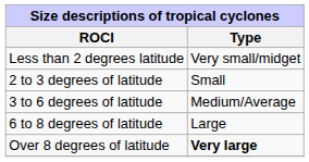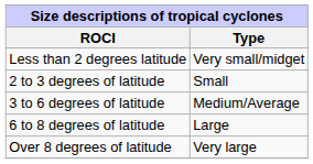 <table class="wikitable" style="float: right; font-size: 92%; margin-right: 0px;">
 <tr>
 <th colspan=2 style="background: #ccf;">Size descriptions of tropical cyclones</th>
 </tr>
 <tr>
 <th>ROCI</th>
 <th>Type</th>
 </tr>
 <tr>
 <td>Less than 2 degrees latitude</td>
 <td>Very small/midget</td>
 </tr>
 <tr>
 <td>2 to 3 degrees of latitude</td>
 <td>Small</td>
 </tr>
 <tr>
 <td>3 to 6 degrees of latitude</td>
 <td>Medium/Average</td>
 </tr>
 <tr>
 <td>6 to 8 degrees of latitude</td>
 <td>Large</td>
 </tr>
 <tr>
 <td>Over 8 degrees of latitude</td>
-<td><strong>Very large</strong></td>
+<td>Very large</td>
 </tr>
 <tr>
 </tr>
 </table>
